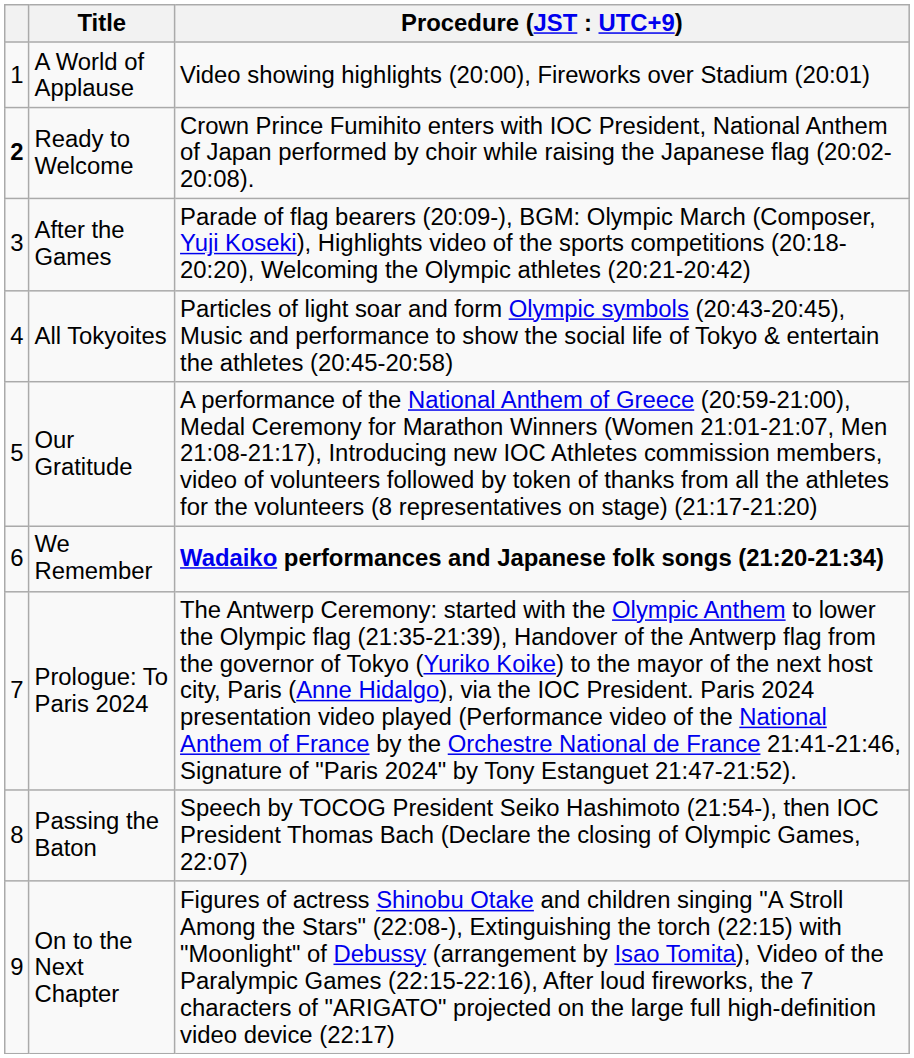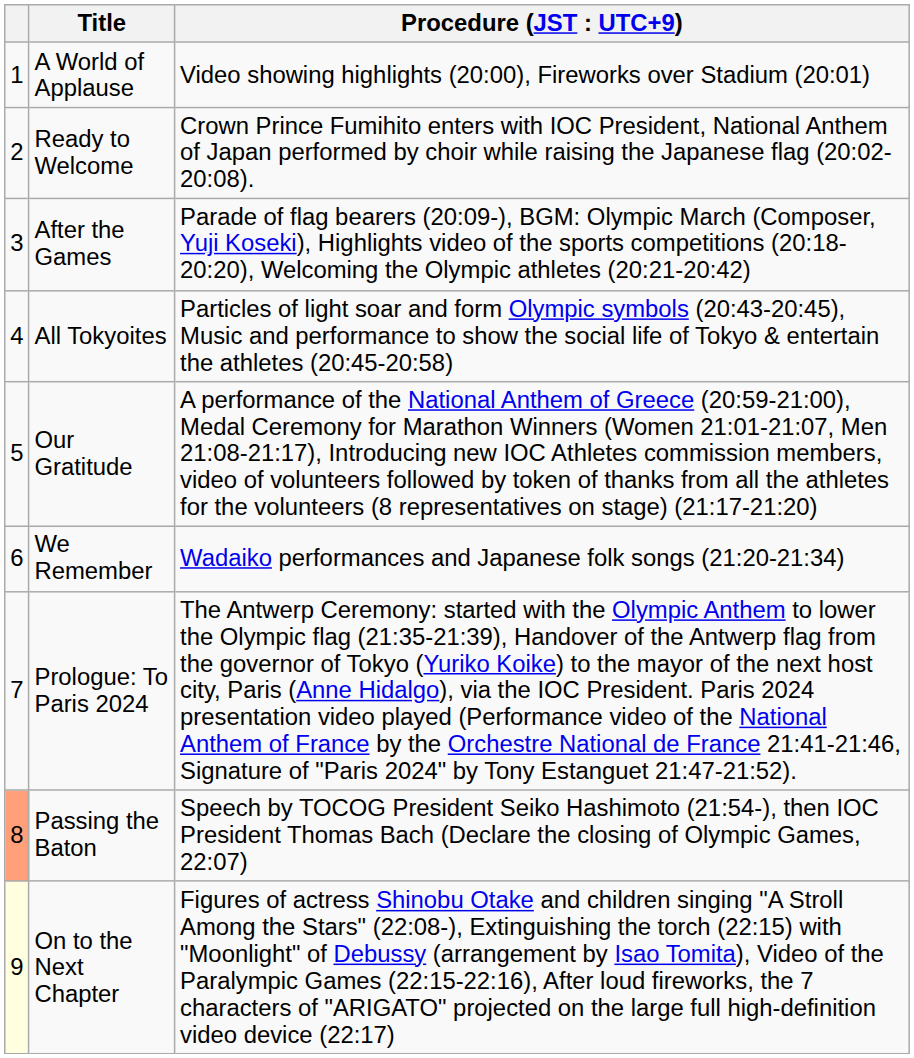 <table class="wikitable">
 <tr>
 <th></th>
 <th>Title</th>
 <th>Procedure (<a href='#'>JST</a> : <a href='#'>UTC+9</a>)</th>
 </tr>
 <tr>
 <td>1</td>
 <td>A World of Applause</td>
 <td>Video showing highlights (20:00), Fireworks over Stadium (20:01)</td>
 </tr>
 <tr>
-<td><strong>2</strong></td>
+<td>2</td>
 <td>Ready to Welcome</td>
 <td>Crown Prince Fumihito enters with IOC President, National Anthem of Japan performed by choir while raising the Japanese flag (20:02-20:08).</td>
 </tr>
 <tr>
 <td>3</td>
 <td>After the Games</td>
 <td>Parade of flag bearers (20:09-), BGM: Olympic March (Composer, <a href='#'>Yuji Koseki</a>), Highlights video of the sports competitions (20:18-20:20), Welcoming the Olympic athletes (20:21-20:42)</td>
 </tr>
 <tr>
 <td>4</td>
 <td>All Tokyoites</td>
 <td>Particles of light soar and form <a href='#'>Olympic symbols</a> (20:43-20:45), Music and performance to show the social life of Tokyo & entertain the athletes (20:45-20:58)</td>
 </tr>
 <tr>
 <td>5</td>
 <td>Our Gratitude</td>
 <td>A performance of the <a href='#'>National Anthem of Greece</a> (20:59-21:00), Medal Ceremony for Marathon Winners (Women 21:01-21:07, Men 21:08-21:17), Introducing new IOC Athletes commission members, video of volunteers followed by token of thanks from all the athletes for the volunteers (8 representatives on stage) (21:17-21:20)</td>
 </tr>
 <tr>
 <td>6</td>
 <td>We Remember</td>
-<td><strong><a href='#'>Wadaiko</a> performances and Japanese folk songs (21:20-21:34)</strong></td>
+<td><a href='#'>Wadaiko</a> performances and Japanese folk songs (21:20-21:34)</td>
 </tr>
 <tr>
 <td>7</td>
 <td>Prologue: To Paris 2024</td>
 <td>The Antwerp Ceremony: started with the <a href='#'>Olympic Anthem</a> to lower the Olympic flag (21:35-21:39), Handover of the Antwerp flag from the governor of Tokyo (<a href='#'>Yuriko Koike</a>) to the mayor of the next host city, Paris (<a href='#'>Anne Hidalgo</a>), via the IOC President. Paris 2024 presentation video played (Performance video of the <a href='#'>National Anthem of France</a> by the <a href='#'>Orchestre National de France</a> 21:41-21:46, Signature of "Paris 2024" by Tony Estanguet 21:47-21:52).</td>
 </tr>
 <tr>
-<td>8</td>
+<td style="background: lightsalmon;">8</td>
 <td>Passing the Baton</td>
 <td>Speech by TOCOG President Seiko Hashimoto (21:54-), then IOC President Thomas Bach (Declare the closing of Olympic Games, 22:07)</td>
 </tr>
 <tr>
-<td>9</td>
+<td style="background: lightyellow;">9</td>
 <td>On to the Next Chapter</td>
 <td>Figures of actress <a href='#'>Shinobu Otake</a> and children singing "A Stroll Among the Stars" (22:08-), Extinguishing the torch (22:15) with "Moonlight" of <a href='#'>Debussy</a> (arrangement by <a href='#'>Isao Tomita</a>), Video of the Paralympic Games (22:15-22:16), After loud fireworks, the 7 characters of "ARIGATO" projected on the large full high-definition video device (22:17)</td>
 </tr>
 </table>
